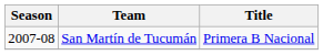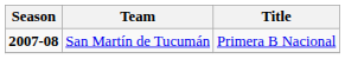 <table class="wikitable">
 <tr>
 <th>Season</th>
 <th>Team</th>
 <th>Title</th>
 </tr>
 <tr>
-<td>2007-08</td>
+<td><strong>2007-08</strong></td>
 <td><a href='#'>San Martín de Tucumán</a></td>
 <td><a href='#'>Primera B Nacional</a></td>
 </tr>
 <tr>
 </tr>
 </table>
